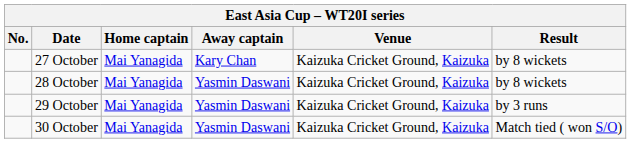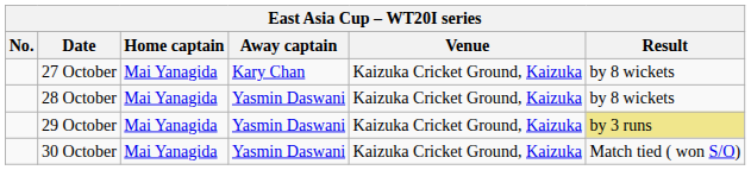 <table class="wikitable">
 <tr>
 <th colspan="6">East Asia Cup – WT20I series</th>
 </tr>
 <tr>
 <th>No.</th>
 <th>Date</th>
 <th>Home captain</th>
 <th>Away captain</th>
 <th>Venue</th>
 <th>Result</th>
 </tr>
 <tr>
 <td></td>
 <td>27 October</td>
 <td><a href='#'>Mai Yanagida</a></td>
 <td><a href='#'>Kary Chan</a></td>
 <td>Kaizuka Cricket Ground, <a href='#'>Kaizuka</a></td>
 <td> by 8 wickets</td>
 </tr>
 <tr>
 <td></td>
 <td>28 October</td>
 <td><a href='#'>Mai Yanagida</a></td>
 <td><a href='#'>Yasmin Daswani</a></td>
 <td>Kaizuka Cricket Ground, <a href='#'>Kaizuka</a></td>
 <td> by 8 wickets</td>
 </tr>
 <tr>
 <td></td>
 <td>29 October</td>
 <td><a href='#'>Mai Yanagida</a></td>
 <td><a href='#'>Yasmin Daswani</a></td>
 <td>Kaizuka Cricket Ground, <a href='#'>Kaizuka</a></td>
-<td> by 3 runs</td>
+<td style="background: khaki;"> by 3 runs</td>
 </tr>
 <tr>
 <td></td>
 <td>30 October</td>
 <td><a href='#'>Mai Yanagida</a></td>
 <td><a href='#'>Yasmin Daswani</a></td>
 <td>Kaizuka Cricket Ground, <a href='#'>Kaizuka</a></td>
 <td>Match tied ( won <a href='#'>S/O</a>)</td>
 </tr>
 </table>
